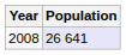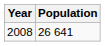 <table class="wikitable">
 <tr>
 <th>Year</th>
 <th>Population</th>
 </tr>
 <tr>
 <td>2008</td>
-<td style="background: lavender;">26 641</td>
+<td>26 641</td>
 </tr>
 </table>
